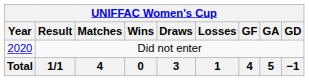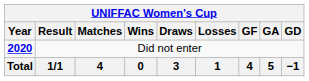 <table class="wikitable" style="text-align: center;">
 <tr>
 <th colspan=9><strong><a href='#'>UNIFFAC Women's Cup</a> </strong></th>
 </tr>
 <tr>
 <th>Year</th>
 <th>Result</th>
 <th>Matches</th>
 <th>Wins</th>
 <th>Draws</th>
 <th>Losses</th>
 <th>GF</th>
 <th>GA</th>
 <th>GD</th>
 </tr>
 <tr>
-<td><a href='#'>2020</a></td>
+<td><strong><a href='#'>2020</a></strong></td>
 <td colspan=8>Did not enter</td>
 </tr>
 <tr>
 <th>Total</th>
 <th>1/1</th>
 <th>4</th>
 <th>0</th>
 <th>3</th>
 <th>1</th>
 <th>4</th>
 <th>5</th>
 <th>−1</th>
 </tr>
 </table>
